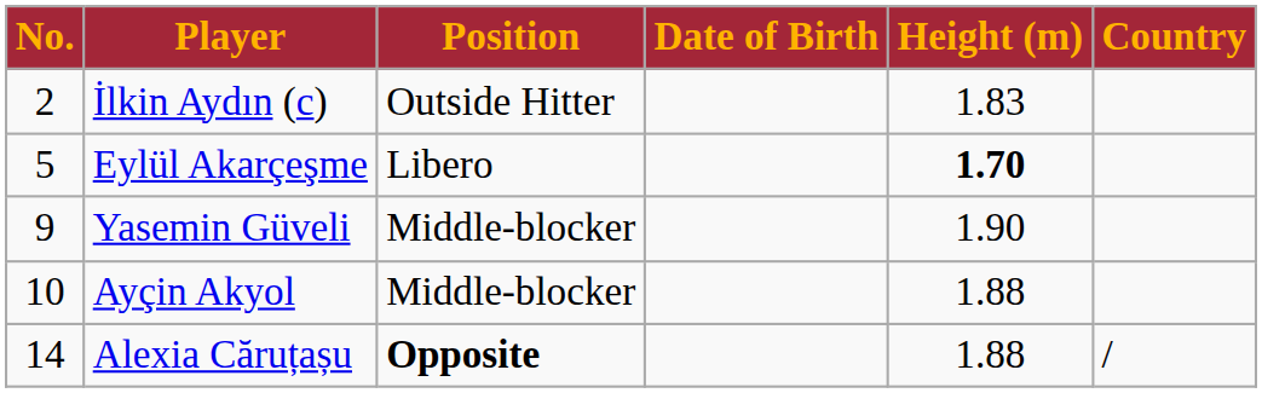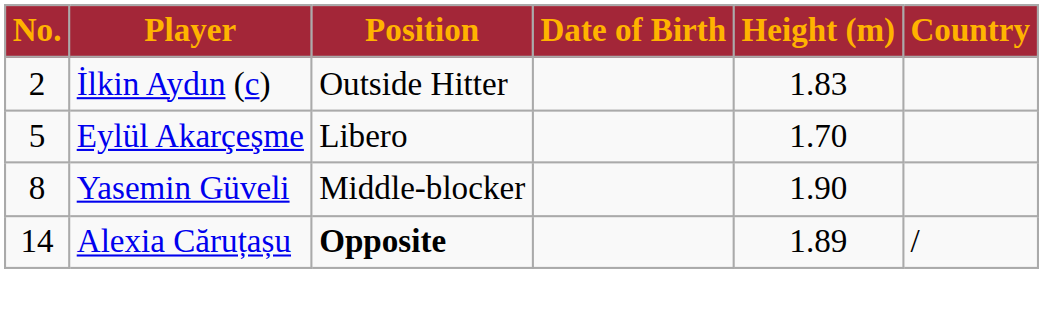 <table class="wikitable plainrowheaders sortable">
 <tr>
 <th style="background:#A32638; color:#FFB300; ">No.</th>
 <th style="background:#A32638; color:#FFB300; ">Player</th>
 <th style="background:#A32638; color:#FFB300; ">Position</th>
 <th style="background:#A32638; color:#FFB300; ">Date of Birth</th>
 <th style="background:#A32638; color:#FFB300; ">Height (m)</th>
 <th style="background:#A32638; color:#FFB300; ">Country</th>
 </tr>
 <tr>
 <td align="center">2</td>
 <td><a href='#'>İlkin Aydın</a> (<a href='#'>c</a>)</td>
 <td>Outside Hitter</td>
 <td></td>
 <td align="center">1.83</td>
 <td></td>
 </tr>
 <tr>
 <td align="center">5</td>
 <td><a href='#'>Eylül Akarçeşme</a></td>
 <td>Libero</td>
 <td></td>
-<td align="center"><strong>1.70</strong></td>
+<td align="center">1.70</td>
 <td></td>
 </tr>
 <tr>
-<td align="center">9</td>
+<td align="center">8</td>
 <td><a href='#'>Yasemin Güveli</a></td>
 <td>Middle-blocker</td>
 <td></td>
 <td align="center">1.90</td>
 <td></td>
 </tr>
 <tr>
-<td align="center">10</td>
-<td><a href='#'>Ayçin Akyol</a></td>
-<td>Middle-blocker</td>
-<td></td>
-<td align="center">1.88</td>
-<td></td>
-</tr>
-<tr>
 <td align="center">14</td>
 <td><a href='#'>Alexia Căruțașu</a></td>
 <td><strong>Opposite</strong></td>
 <td></td>
-<td align="center">1.88</td>
+<td align="center">1.89</td>
 <td> / </td>
 </tr>
 </table>
